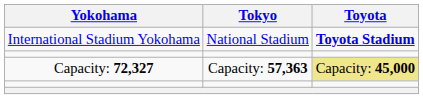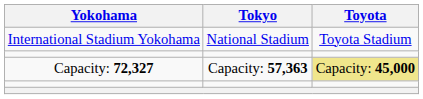 <table class="wikitable" style="text-align:center">
 <tr>
 <th><a href='#'>Yokohama</a></th>
 <th><a href='#'>Tokyo</a></th>
 <th><a href='#'>Toyota</a></th>
 </tr>
 <tr>
 <td><a href='#'>International Stadium Yokohama</a></td>
 <td><a href='#'>National Stadium</a></td>
-<td><strong><a href='#'>Toyota Stadium</a></strong></td>
+<td><a href='#'>Toyota Stadium</a></td>
 </tr>
 <tr>
 <td><small></small></td>
 <td><small></small></td>
 <td><small></small></td>
 </tr>
 <tr>
 <td>Capacity: <strong>72,327</strong></td>
 <td>Capacity: <strong>57,363</strong></td>
 <td style="background: khaki;">Capacity: <strong>45,000</strong></td>
 </tr>
 <tr>
 <td></td>
 <td></td>
 <td></td>
 </tr>
 <tr>
 <th colspan=5></th>
 </tr>
 </table>
